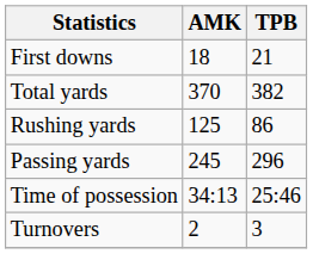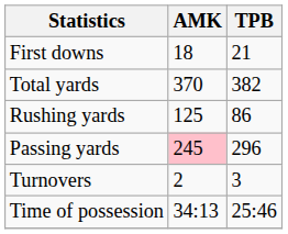 <table class="wikitable" style="float: left;">
 <tr>
 <th>Statistics</th>
 <th>AMK</th>
 <th>TPB</th>
 </tr>
 <tr>
 <td>First downs</td>
 <td>18</td>
 <td>21</td>
 </tr>
 <tr>
 <td>Total yards</td>
 <td>370</td>
 <td>382</td>
 </tr>
 <tr>
 <td>Rushing yards</td>
 <td>125</td>
 <td>86</td>
 </tr>
 <tr>
 <td>Passing yards</td>
-<td>245</td>
+<td style="background: pink;">245</td>
 <td>296</td>
+</tr>
+<tr>
+<td>Turnovers</td>
+<td>2</td>
+<td>3</td>
 </tr>
 <tr>
 <td>Time of possession</td>
 <td>34:13</td>
 <td>25:46</td>
 </tr>
 <tr>
-<td>Turnovers</td>
-<td>2</td>
-<td>3</td>
-</tr>
-<tr>
 </tr>
 </table>
